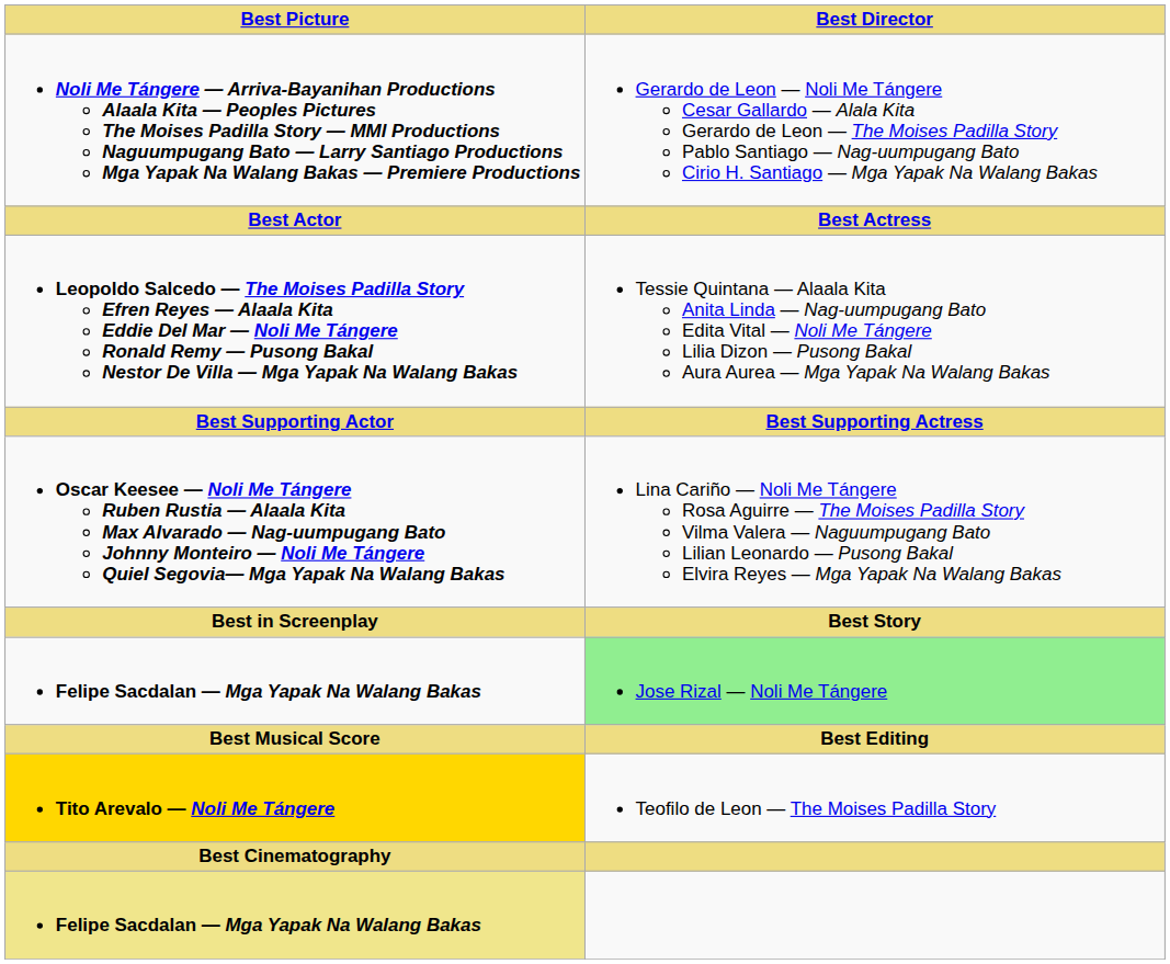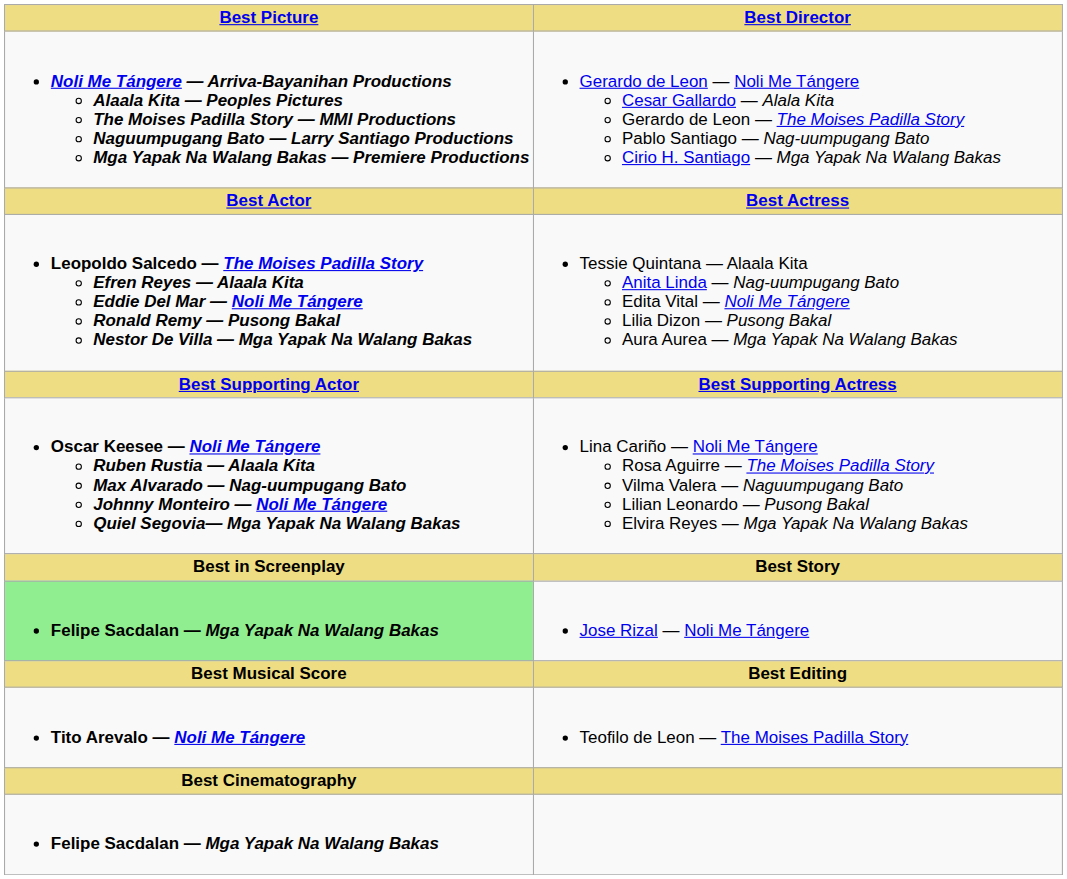 <table class=wikitable>
 <tr>
 <th style="background:#EEDD82; width:50%"><a href='#'>Best Picture</a></th>
 <th style="background:#EEDD82; width:50%"><a href='#'>Best Director</a></th>
 </tr>
 <tr>
 <td valign="top"><br><ul><li><strong><em><a href='#'>Noli Me Tángere</a><em> — Arriva-Bayanihan Productions<strong><ul><li></em>Alaala Kita<em> — Peoples Pictures</li><li></em>The Moises Padilla Story<em> — MMl Productions</li><li></em>Naguumpugang Bato<em> — Larry Santiago Productions</li><li></em>Mga Yapak Na Walang Bakas<em> — Premiere Productions</li></ul></li></ul></td>
 <td valign="top"><br><ul><li></strong><a href='#'>Gerardo de Leon</a> — </em><a href='#'>Noli Me Tángere</a></em></strong><ul><li><a href='#'>Cesar Gallardo</a> — <em>Alala Kita</em></li><li>Gerardo de Leon — <em><a href='#'>The Moises Padilla Story</a></em></li><li>Pablo Santiago — <em>Nag-uumpugang Bato</em></li><li><a href='#'>Cirio H. Santiago</a> — <em>Mga Yapak Na Walang Bakas</em></li></ul></li></ul></td>
 </tr>
 <tr>
 <th style="background:#EEDD82; width:50%"><a href='#'>Best Actor</a></th>
 <th style="background:#EEDD82; width:50%"><a href='#'>Best Actress</a></th>
 </tr>
 <tr>
 <td valign="top"><br><ul><li><strong>Leopoldo Salcedo — <em><a href='#'>The Moises Padilla Story</a><strong><em><ul><li>Efren Reyes — </em>Alaala Kita<em></li><li>Eddie Del Mar — </em><a href='#'>Noli Me Tángere</a><em></li><li>Ronald Remy — </em>Pusong Bakal<em></li><li>Nestor De Villa — </em>Mga Yapak Na Walang Bakas<em></li></ul></li></ul></td>
 <td valign="top"><br><ul><li></strong>Tessie Quintana — </em>Alaala Kita</em></strong><ul><li><a href='#'>Anita Linda</a> — <em>Nag-uumpugang Bato</em></li><li>Edita Vital — <em><a href='#'>Noli Me Tángere</a></em></li><li>Lilia Dizon — <em>Pusong Bakal</em></li><li>Aura Aurea — <em>Mga Yapak Na Walang Bakas</em></li></ul></li></ul></td>
 </tr>
 <tr>
 <th style="background:#EEDD82; width:50%"><a href='#'>Best Supporting Actor</a></th>
 <th style="background:#EEDD82; width:50%"><a href='#'>Best Supporting Actress</a></th>
 </tr>
 <tr>
 <td valign="top"><br><ul><li><strong>Oscar Keesee — <em><a href='#'>Noli Me Tángere</a><strong><em><ul><li>Ruben Rustia — </em>Alaala Kita<em></li><li>Max Alvarado — </em>Nag-uumpugang Bato<em></li><li>Johnny Monteiro — </em><a href='#'>Noli Me Tángere</a><em></li><li>Quiel Segovia— </em>Mga Yapak Na Walang Bakas<em></li></ul></li></ul></td>
 <td valign="top"><br><ul><li></strong>Lina Cariño — </em><a href='#'>Noli Me Tángere</a></em></strong><ul><li>Rosa Aguirre — <em><a href='#'>The Moises Padilla Story</a></em></li><li>Vilma Valera — <em>Naguumpugang Bato</em></li><li>Lilian Leonardo — <em>Pusong Bakal</em></li><li>Elvira Reyes — <em>Mga Yapak Na Walang Bakas</em></li></ul></li></ul></td>
 </tr>
 <tr>
 <th style="background:#EEDD82; width:50%">Best in Screenplay</th>
 <th style="background:#EEDD82; width:50%">Best Story</th>
 </tr>
 <tr>
-<td valign="top"><br><ul><li><strong>Felipe Sacdalan — <em>Mga Yapak Na Walang Bakas<strong><em></li></ul></td>
-<td valign="top" style="background: lightgreen;"><br><ul><li></strong><a href='#'>Jose Rizal</a> — </em><a href='#'>Noli Me Tángere</a></em></strong></li></ul></td>
+<td valign="top" style="background: lightgreen;"><br><ul><li><strong>Felipe Sacdalan — <em>Mga Yapak Na Walang Bakas<strong><em></li></ul></td>
+<td valign="top"><br><ul><li></strong><a href='#'>Jose Rizal</a> — </em><a href='#'>Noli Me Tángere</a></em></strong></li></ul></td>
 </tr>
 <tr>
 <th style="background:#EEDD82; width:50%">Best Musical Score</th>
 <th style="background:#EEDD82; width:50%">Best Editing</th>
 </tr>
 <tr>
-<td valign="top" style="background: gold;"><br><ul><li><strong>Tito Arevalo — <em><a href='#'>Noli Me Tángere</a><strong><em></li></ul></td>
+<td valign="top"><br><ul><li><strong>Tito Arevalo — <em><a href='#'>Noli Me Tángere</a><strong><em></li></ul></td>
 <td valign="top"><strong><br><ul><li></strong> Teofilo de Leon  — </em><a href='#'>The Moises Padilla Story</a></em></strong></li></ul></strong></td>
 </tr>
 <tr>
 <th style="background:#EEDD82; width:50%">Best Cinematography</th>
 <th style="background:#EEDD82; width:50%"></th>
 </tr>
 <tr>
-<td valign="top" style="background: khaki;"><br><ul><li><strong>Felipe Sacdalan — <em>Mga Yapak Na Walang Bakas<strong><em></li></ul></td>
+<td valign="top"><br><ul><li><strong>Felipe Sacdalan — <em>Mga Yapak Na Walang Bakas<strong><em></li></ul></td>
 <td valign="top"></td>
 </tr>
 </table>
